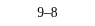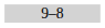 <table style="text-align:center">
 <tr>
 <th width=200></th>
 <th width=100></th>
 <th width=200></th>
 </tr>
 <tr>
 <td align=right><strong></strong></td>
-<td>9–8</td>
+<td style="background: lightgrey;">9–8</td>
 <td align=left></td>
 </tr>
 </table>
